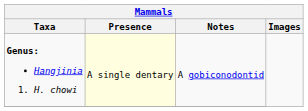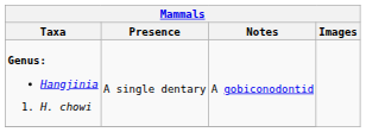 <table class="wikitable" align="center">
 <tr>
 <th colspan="5" align="center"><strong><a href='#'>Mammals</a></strong></th>
 </tr>
 <tr>
 <th>Taxa</th>
 <th>Presence</th>
 <th>Notes</th>
 <th>Images</th>
 </tr>
 <tr>
 <td><br><strong>Genus:</strong><ul><li><em><a href='#'>Hangjinia</a></em></li></ul><ol><li><em>H. chowi</em></li></ol></td>
-<td style="background: lightyellow;"><br>A single dentary</td>
+<td><br>A single dentary</td>
 <td><br>A <a href='#'>gobiconodontid</a></td>
 <td rowspan="99"></td>
 </tr>
 <tr>
 </tr>
 </table>
